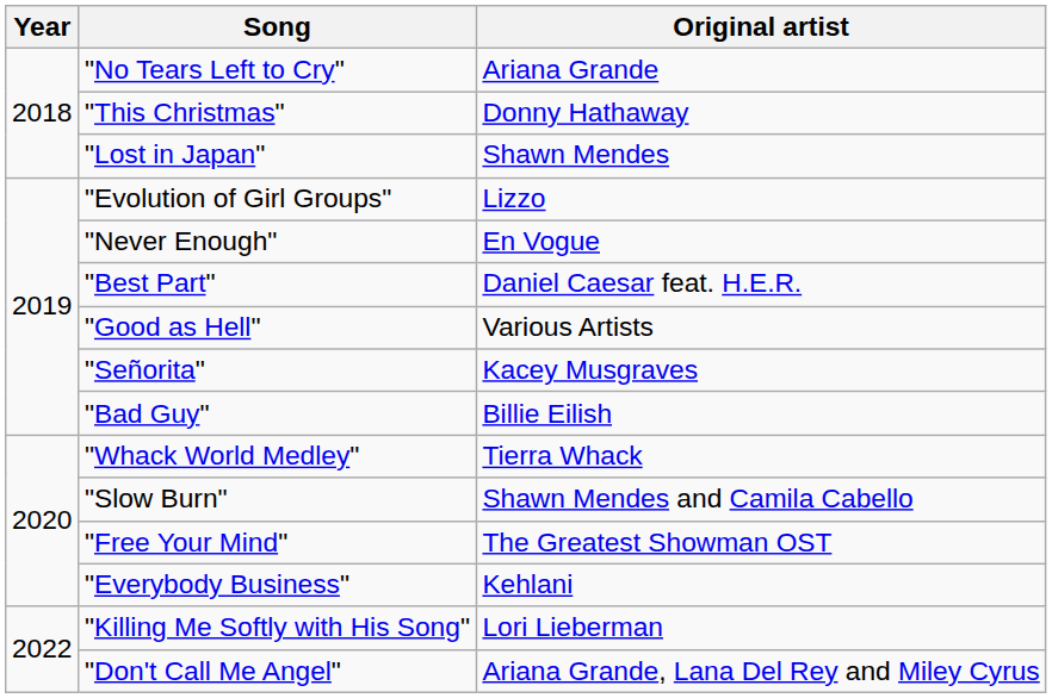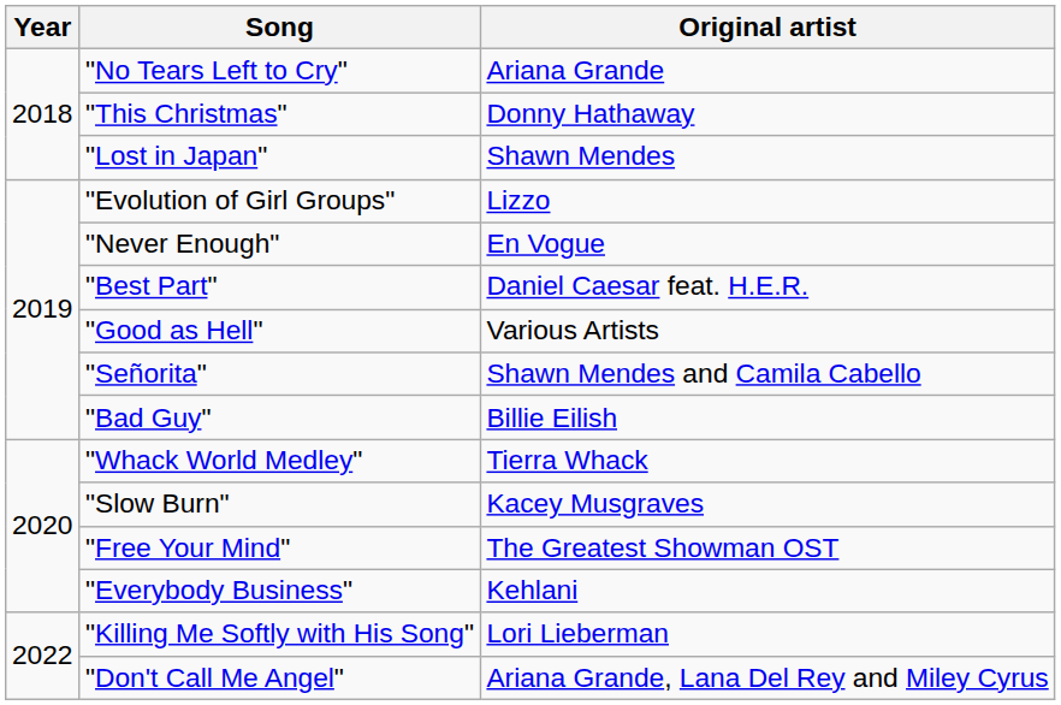 <table class="wikitable">
 <tr>
 <th>Year</th>
 <th>Song</th>
 <th>Original artist</th>
 </tr>
 <tr>
 <td rowspan=3>2018</td>
 <td>"<a href='#'>No Tears Left to Cry</a>"</td>
 <td><a href='#'>Ariana Grande</a></td>
 </tr>
 <tr>
 <td>"<a href='#'>This Christmas</a>"</td>
 <td><a href='#'>Donny Hathaway</a></td>
 </tr>
 <tr>
 <td>"<a href='#'>Lost in Japan</a>"</td>
 <td><a href='#'>Shawn Mendes</a></td>
 </tr>
 <tr>
 <td rowspan=6>2019</td>
 <td>"Evolution of Girl Groups"</td>
 <td><a href='#'>Lizzo</a></td>
 </tr>
 <tr>
 <td>"Never Enough"</td>
 <td><a href='#'>En Vogue</a></td>
 </tr>
 <tr>
 <td>"<a href='#'>Best Part</a>"</td>
 <td><a href='#'>Daniel Caesar</a> feat. <a href='#'>H.E.R.</a></td>
 </tr>
 <tr>
 <td>"<a href='#'>Good as Hell</a>"</td>
 <td>Various Artists</td>
 </tr>
 <tr>
 <td>"<a href='#'>Señorita</a>"</td>
-<td><a href='#'>Kacey Musgraves</a></td>
+<td><a href='#'>Shawn Mendes</a> and <a href='#'>Camila Cabello</a></td>
 </tr>
 <tr>
 <td>"<a href='#'>Bad Guy</a>"</td>
 <td><a href='#'>Billie Eilish</a></td>
 </tr>
 <tr>
 <td rowspan=4>2020</td>
 <td>"<a href='#'>Whack World Medley</a>"</td>
 <td><a href='#'>Tierra Whack</a></td>
 </tr>
 <tr>
 <td>"Slow Burn"</td>
-<td><a href='#'>Shawn Mendes</a> and <a href='#'>Camila Cabello</a></td>
+<td><a href='#'>Kacey Musgraves</a></td>
 </tr>
 <tr>
 <td>"<a href='#'>Free Your Mind</a>"</td>
 <td><a href='#'>The Greatest Showman OST</a></td>
 </tr>
 <tr>
 <td>"<a href='#'>Everybody Business</a>"</td>
 <td><a href='#'>Kehlani</a></td>
 </tr>
 <tr>
 <td rowspan=2>2022</td>
 <td>"<a href='#'>Killing Me Softly with His Song</a>"</td>
 <td><a href='#'>Lori Lieberman</a></td>
 </tr>
 <tr>
 <td>"<a href='#'>Don't Call Me Angel</a>"</td>
 <td><a href='#'>Ariana Grande</a>, <a href='#'>Lana Del Rey</a> and <a href='#'>Miley Cyrus</a></td>
 </tr>
 </table>
